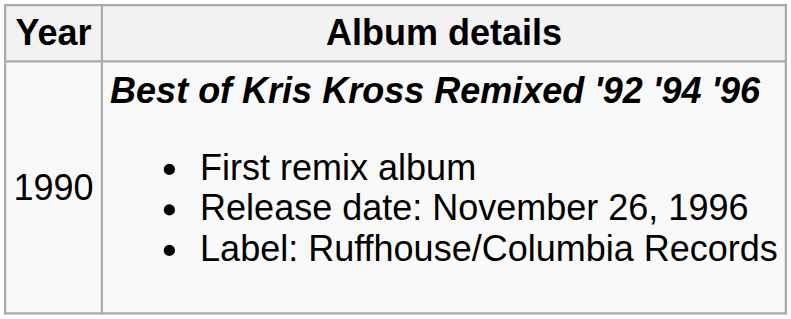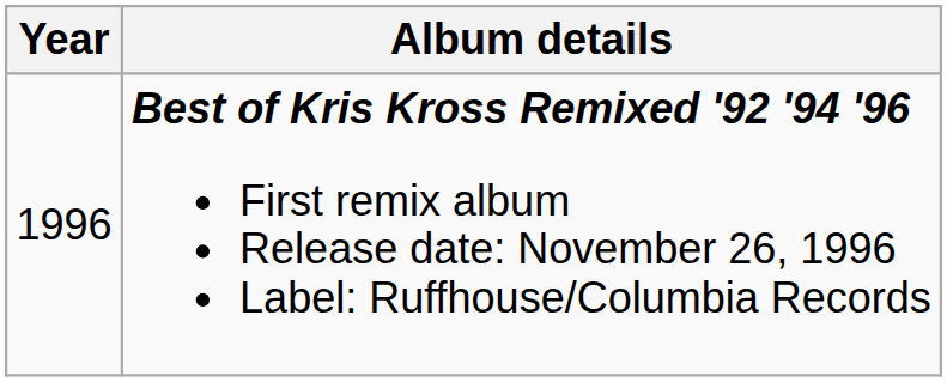 <table class="wikitable" style="text-align:center;">
 <tr>
 <th>Year</th>
 <th>Album details</th>
 </tr>
 <tr>
-<td>1990</td>
+<td>1996</td>
 <td style="text-align:left;"><strong><em>Best of Kris Kross Remixed '92 '94 '96</em></strong><br><ul><li>First remix album</li><li>Release date: November 26, 1996</li><li>Label: Ruffhouse/Columbia Records</li></ul></td>
 </tr>
 </table>
